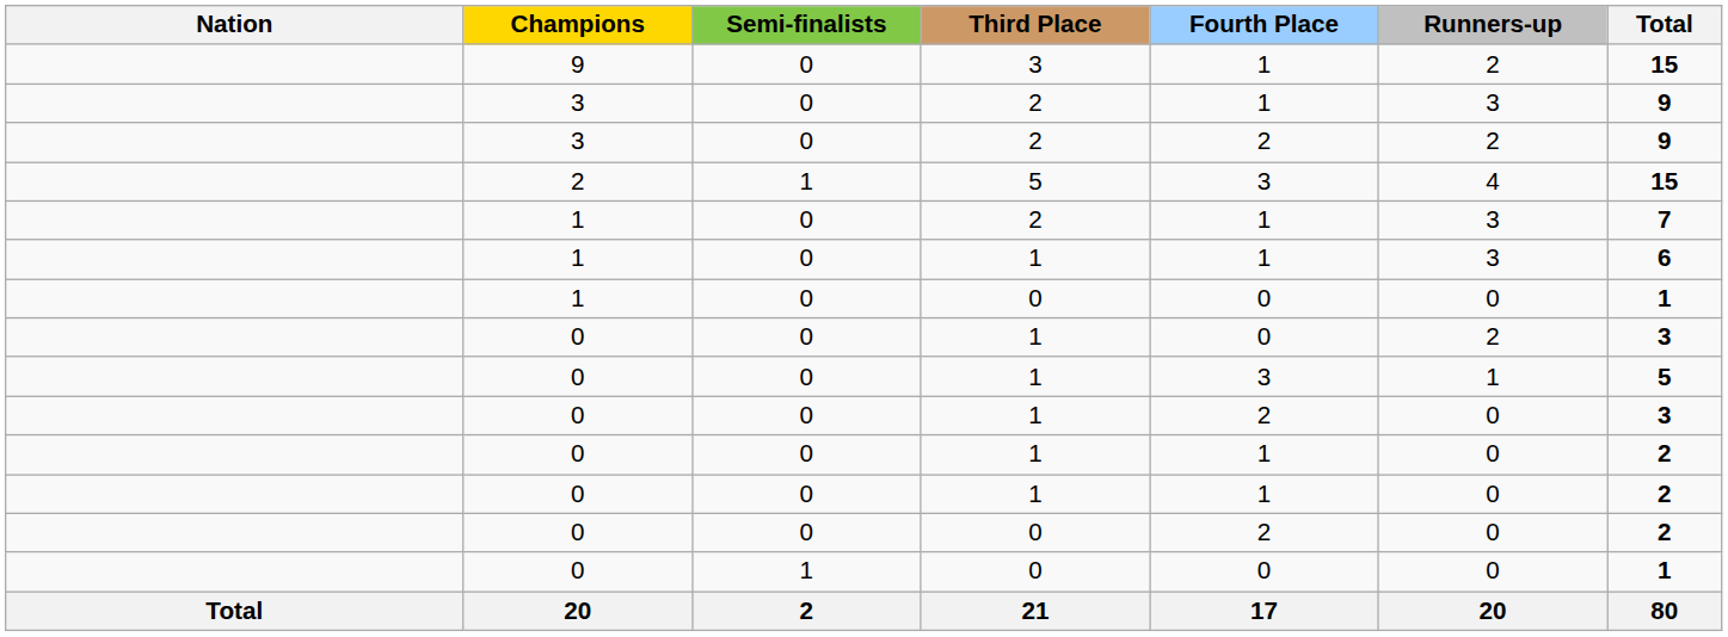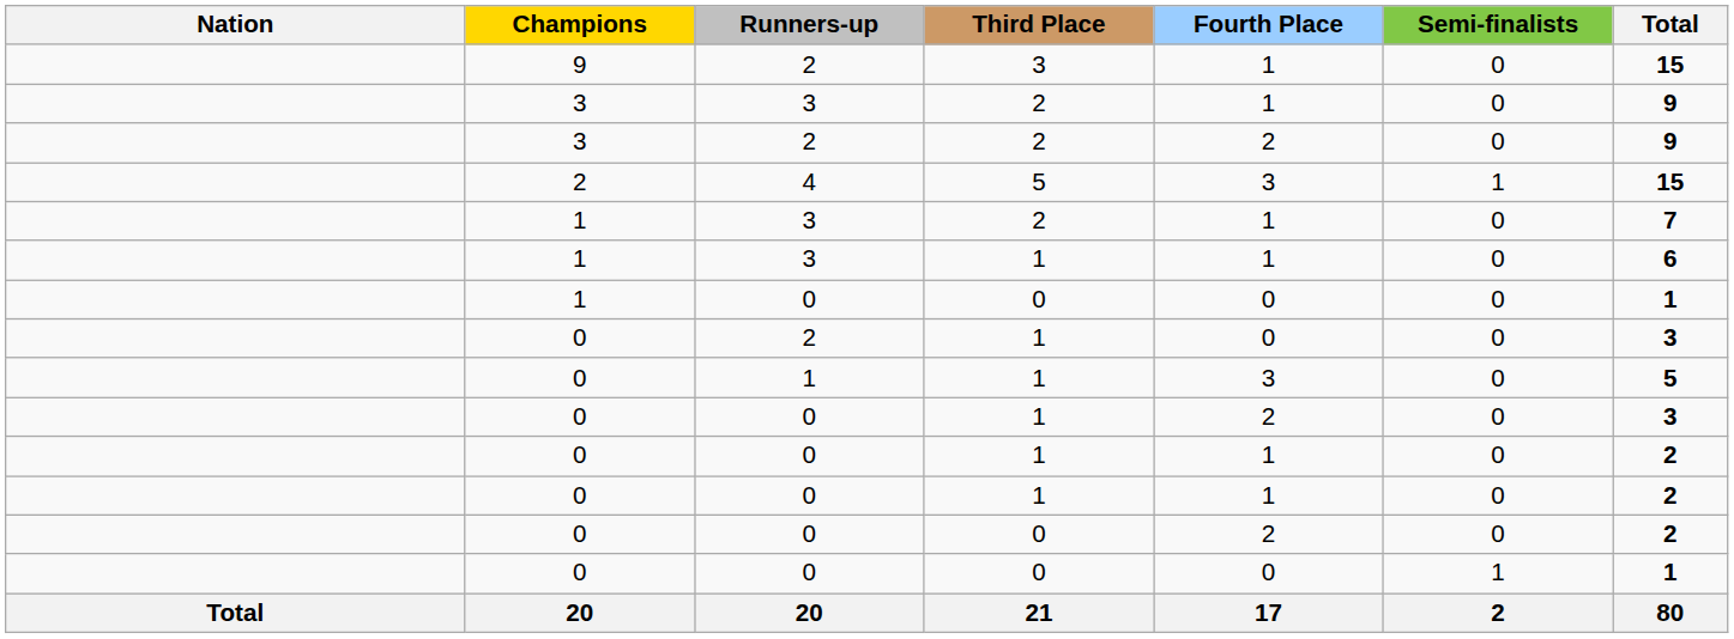 <table class="wikitable sortable" style="text-align: center;">
 <tr>
 <th width=20%>Nation</th>
 <th width=10% style="background:gold">Champions</th>
-<th width=10% style="background:#81c846">Semi-finalists</th>
+<th width=10% style="background:silver">Runners-up</th>
 <th width=10% style="background:#cc9966">Third Place</th>
 <th width=10% style="background:#9acdff">Fourth Place</th>
-<th width=10% style="background:silver">Runners-up</th>
+<th width=10% style="background:#81c846">Semi-finalists</th>
 <th width=5%>Total</th>
 </tr>
 <tr>
 <td align=left></td>
 <td>9</td>
-<td>0</td>
+<td>2</td>
 <td>3</td>
 <td>1</td>
-<td>2</td>
+<td>0</td>
 <td><strong>15</strong></td>
 </tr>
 <tr>
 <td align=left></td>
 <td>3</td>
-<td>0</td>
+<td>3</td>
 <td>2</td>
 <td>1</td>
-<td>3</td>
+<td>0</td>
 <td><strong>9</strong></td>
 </tr>
 <tr>
 <td align=left></td>
 <td>3</td>
-<td>0</td>
 <td>2</td>
 <td>2</td>
 <td>2</td>
+<td>0</td>
 <td><strong>9</strong></td>
 </tr>
 <tr>
 <td align=left></td>
 <td>2</td>
-<td>1</td>
+<td>4</td>
 <td>5</td>
 <td>3</td>
-<td>4</td>
+<td>1</td>
 <td><strong>15</strong></td>
 </tr>
 <tr>
 <td align=left></td>
 <td>1</td>
-<td>0</td>
+<td>3</td>
 <td>2</td>
 <td>1</td>
-<td>3</td>
+<td>0</td>
 <td><strong>7</strong></td>
 </tr>
 <tr>
 <td align=left></td>
 <td>1</td>
-<td>0</td>
+<td>3</td>
 <td>1</td>
 <td>1</td>
-<td>3</td>
+<td>0</td>
 <td><strong>6</strong></td>
 </tr>
 <tr>
 <td align=left></td>
 <td>1</td>
 <td>0</td>
 <td>0</td>
 <td>0</td>
 <td>0</td>
 <td><strong>1</strong></td>
 </tr>
 <tr>
 <td align=left></td>
 <td>0</td>
-<td>0</td>
+<td>2</td>
 <td>1</td>
 <td>0</td>
-<td>2</td>
+<td>0</td>
 <td><strong>3</strong></td>
 </tr>
 <tr>
 <td align=left></td>
 <td>0</td>
-<td>0</td>
+<td>1</td>
 <td>1</td>
 <td>3</td>
-<td>1</td>
+<td>0</td>
 <td><strong>5</strong></td>
 </tr>
 <tr>
 <td align=left></td>
 <td>0</td>
 <td>0</td>
 <td>1</td>
 <td>2</td>
 <td>0</td>
 <td><strong>3</strong></td>
 </tr>
 <tr>
 <td align=left></td>
 <td>0</td>
 <td>0</td>
 <td>1</td>
 <td>1</td>
 <td>0</td>
 <td><strong>2</strong></td>
 </tr>
 <tr>
 <td align=left></td>
 <td>0</td>
 <td>0</td>
 <td>1</td>
 <td>1</td>
 <td>0</td>
 <td><strong>2</strong></td>
 </tr>
 <tr>
 <td align=left></td>
 <td>0</td>
 <td>0</td>
 <td>0</td>
 <td>2</td>
 <td>0</td>
 <td><strong>2</strong></td>
 </tr>
 <tr>
 <td align=left></td>
 <td>0</td>
-<td>1</td>
 <td>0</td>
 <td>0</td>
 <td>0</td>
+<td>1</td>
 <td><strong>1</strong></td>
 </tr>
 <tr class="sortbottom">
 <th>Total</th>
 <th>20</th>
-<th>2</th>
+<th>20</th>
 <th>21</th>
 <th>17</th>
-<th>20</th>
+<th>2</th>
 <th><strong>80</strong></th>
 </tr>
 </table>
